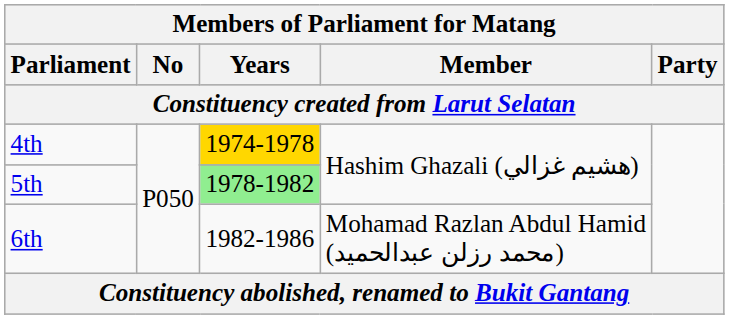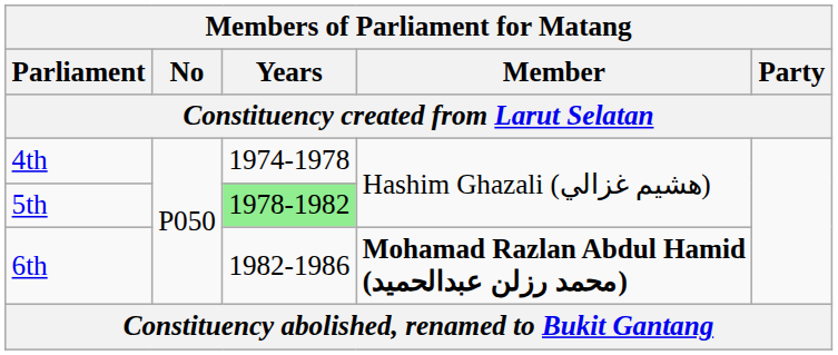 <table class=wikitable>
 <tr>
 <th colspan="5">Members of Parliament for Matang</th>
 </tr>
 <tr>
 <th>Parliament</th>
 <th>No</th>
 <th>Years</th>
 <th>Member</th>
 <th>Party</th>
 </tr>
 <tr>
 <th colspan="5" align="center"><em>Constituency created from <a href='#'>Larut Selatan</a></em></th>
 </tr>
 <tr>
 <td><a href='#'>4th</a></td>
 <td rowspan="3">P050</td>
-<td style="background: gold;">1974-1978</td>
+<td>1974-1978</td>
 <td rowspan=2>Hashim Ghazali (هشيم غزالي)</td>
 <td rowspan="3"></td>
 </tr>
 <tr>
 <td><a href='#'>5th</a></td>
 <td style="background: lightgreen;">1978-1982</td>
 </tr>
 <tr>
 <td><a href='#'>6th</a></td>
 <td>1982-1986</td>
-<td>Mohamad Razlan Abdul Hamid  <br>(محمد رزلن عبدالحميد)</td>
+<td><strong>Mohamad Razlan Abdul Hamid  <br>(محمد رزلن عبدالحميد)</strong></td>
 </tr>
 <tr>
 <th colspan="5" align="center"><em>Constituency abolished, renamed to <a href='#'>Bukit Gantang</a></em></th>
 </tr>
 </table>
